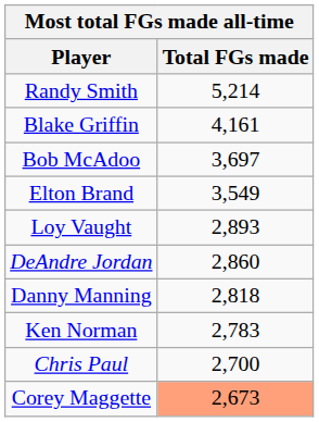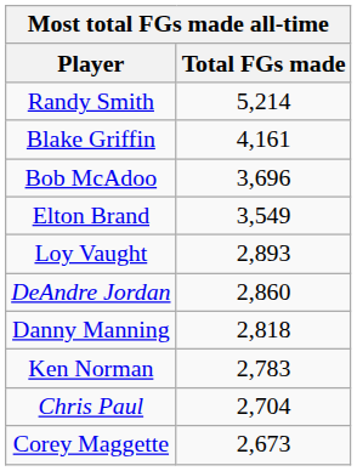 <table class="wikitable sortable" style="text-align:center">
 <tr>
 <th colspan="2">Most total FGs made all-time</th>
 </tr>
 <tr>
 <th>Player</th>
 <th>Total FGs made</th>
 </tr>
 <tr>
 <td><a href='#'>Randy Smith</a></td>
 <td>5,214</td>
 </tr>
 <tr>
 <td><a href='#'>Blake Griffin</a></td>
 <td>4,161</td>
 </tr>
 <tr>
 <td><a href='#'>Bob McAdoo</a></td>
-<td>3,697</td>
+<td>3,696</td>
 </tr>
 <tr>
 <td><a href='#'>Elton Brand</a></td>
 <td>3,549</td>
 </tr>
 <tr>
 <td><a href='#'>Loy Vaught</a></td>
 <td>2,893</td>
 </tr>
 <tr>
 <td><em><a href='#'>DeAndre Jordan</a></em></td>
 <td>2,860</td>
 </tr>
 <tr>
 <td><a href='#'>Danny Manning</a></td>
 <td>2,818</td>
 </tr>
 <tr>
 <td><a href='#'>Ken Norman</a></td>
 <td>2,783</td>
 </tr>
 <tr>
 <td><em><a href='#'>Chris Paul</a></em></td>
-<td>2,700</td>
+<td>2,704</td>
 </tr>
 <tr>
 <td><a href='#'>Corey Maggette</a></td>
-<td style="background: lightsalmon;">2,673</td>
+<td>2,673</td>
 </tr>
 </table>
